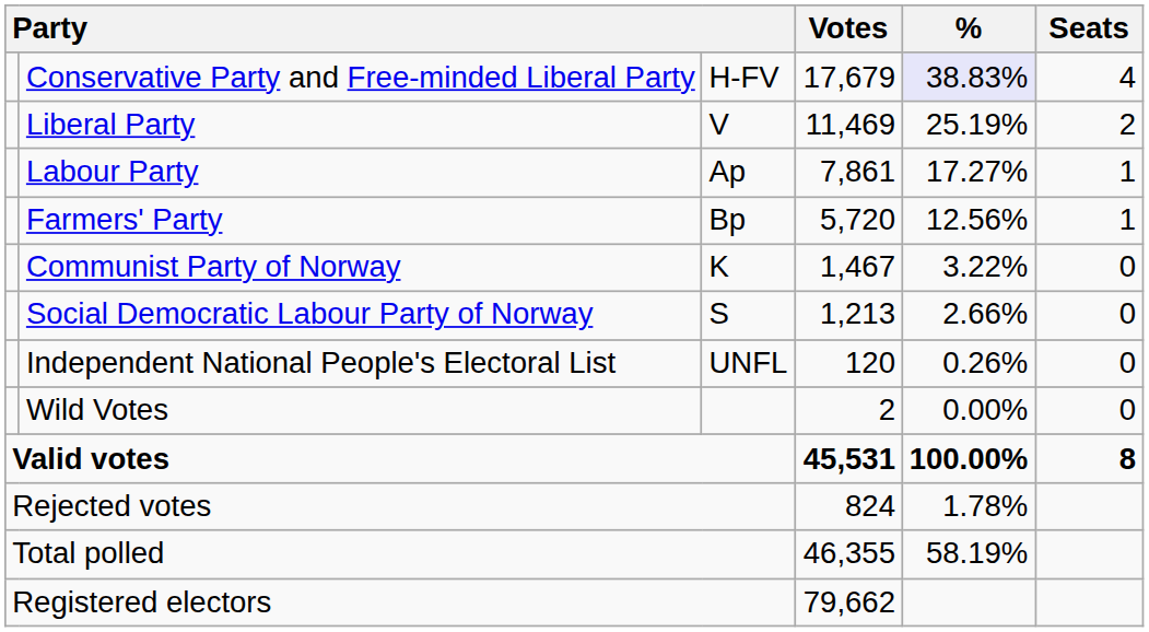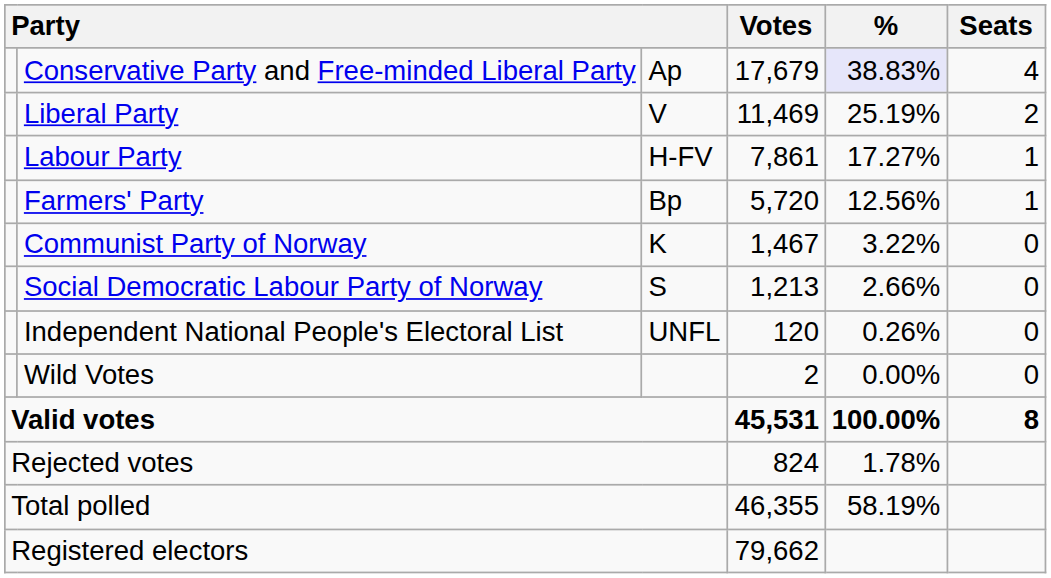 <table class="wikitable" border="1" style="text-align:right;">
 <tr>
 <th style="text-align:left;" colspan=3>Party</th>
 <th align=center width="50">Votes</th>
 <th align=center width="50">%</th>
 <th align=center width="50">Seats</th>
 </tr>
 <tr>
 <td></td>
 <td align=left><a href='#'>Conservative Party</a> and <a href='#'>Free-minded Liberal Party</a></td>
-<td align=left>H-FV</td>
+<td align=left>Ap</td>
 <td>17,679</td>
 <td style="background: lavender;">38.83%</td>
 <td>4</td>
 </tr>
 <tr>
 <td style="color:inherit;background:"></td>
 <td align=left><a href='#'>Liberal Party</a></td>
 <td align=left>V</td>
 <td>11,469</td>
 <td>25.19%</td>
 <td>2</td>
 </tr>
 <tr>
 <td style="color:inherit;background:"></td>
 <td align=left><a href='#'>Labour Party</a></td>
-<td align=left>Ap</td>
+<td align=left>H-FV</td>
 <td>7,861</td>
 <td>17.27%</td>
 <td>1</td>
 </tr>
 <tr>
 <td style="color:inherit;background:"></td>
 <td align=left><a href='#'>Farmers' Party</a></td>
 <td align=left>Bp</td>
 <td>5,720</td>
 <td>12.56%</td>
 <td>1</td>
 </tr>
 <tr>
 <td style="color:inherit;background:"></td>
 <td align=left><a href='#'>Communist Party of Norway</a></td>
 <td align=left>K</td>
 <td>1,467</td>
 <td>3.22%</td>
 <td>0</td>
 </tr>
 <tr>
 <td style="color:inherit;background:"></td>
 <td align=left><a href='#'>Social Democratic Labour Party of Norway</a></td>
 <td align=left>S</td>
 <td>1,213</td>
 <td>2.66%</td>
 <td>0</td>
 </tr>
 <tr>
 <td></td>
 <td align=left>Independent National People's Electoral List</td>
 <td align=left>UNFL</td>
 <td>120</td>
 <td>0.26%</td>
 <td>0</td>
 </tr>
 <tr>
 <td></td>
 <td align=left>Wild Votes</td>
 <td align=left></td>
 <td>2</td>
 <td>0.00%</td>
 <td>0</td>
 </tr>
 <tr style="font-weight:bold">
 <td align=left colspan=3>Valid votes</td>
 <td>45,531</td>
 <td>100.00%</td>
 <td>8</td>
 </tr>
 <tr>
 <td align=left colspan=3>Rejected votes</td>
 <td>824</td>
 <td>1.78%</td>
 <td></td>
 </tr>
 <tr>
 <td align=left colspan=3>Total polled</td>
 <td>46,355</td>
 <td>58.19%</td>
 <td></td>
 </tr>
 <tr>
 <td align=left colspan=3>Registered electors</td>
 <td>79,662</td>
 <td></td>
 <td></td>
 </tr>
 </table>
